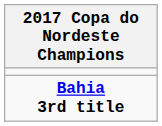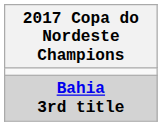 <table class="wikitable" style="text-align: center; margin: 0 auto; width: 20%">
 <tr>
 <th>2017 Copa do Nordeste<br>Champions</th>
 </tr>
 <tr>
 <td></td>
 </tr>
 <tr>
-<td><strong><a href='#'>Bahia</a></strong><br><strong>3rd title</strong></td>
+<td style="background: lightgrey;"><strong><a href='#'>Bahia</a></strong><br><strong>3rd title</strong></td>
 </tr>
 </table>
